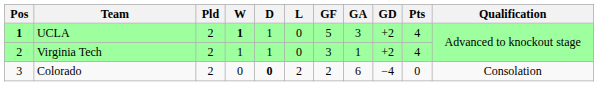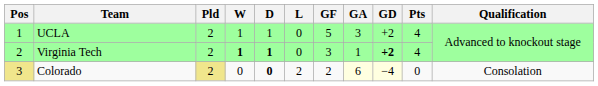 <table class="wikitable" style="text-align:center; margin: 1em auto">
 <tr>
 <th style="width:2em">Pos</th>
 <th style="width:13em">Team</th>
 <th style="width:2em">Pld</th>
 <th style="width:2em">W</th>
 <th style="width:2em">D</th>
 <th style="width:2em">L</th>
 <th style="width:2em">GF</th>
 <th style="width:2em">GA</th>
 <th style="width:2em">GD</th>
 <th style="width:2em">Pts</th>
 <th style="width:13em">Qualification</th>
 </tr>
 <tr bgcolor="#9eff9e">
-<td><strong>1</strong></td>
+<td>1</td>
 <td style="text-align:left">UCLA</td>
 <td>2</td>
-<td><strong>1</strong></td>
+<td>1</td>
 <td>1</td>
 <td>0</td>
 <td>5</td>
 <td>3</td>
 <td>+2</td>
 <td>4</td>
 <td rowspan="2">Advanced to knockout stage</td>
 </tr>
 <tr bgcolor="#9eff9e">
 <td>2</td>
 <td style="text-align:left">Virginia Tech</td>
 <td>2</td>
-<td>1</td>
-<td>1</td>
+<td><strong>1</strong></td>
+<td><strong>1</strong></td>
 <td>0</td>
 <td>3</td>
 <td>1</td>
-<td>+2</td>
+<td><strong>+2</strong></td>
 <td>4</td>
 </tr>
 <tr>
-<td>3</td>
+<td style="background: khaki;">3</td>
 <td style="text-align:left">Colorado</td>
-<td>2</td>
+<td style="background: khaki;">2</td>
 <td>0</td>
 <td><strong>0</strong></td>
 <td>2</td>
 <td>2</td>
-<td>6</td>
-<td>−4</td>
+<td style="background: lightyellow;">6</td>
+<td style="background: lightyellow;">−4</td>
 <td>0</td>
 <td>Consolation</td>
 </tr>
 </table>
